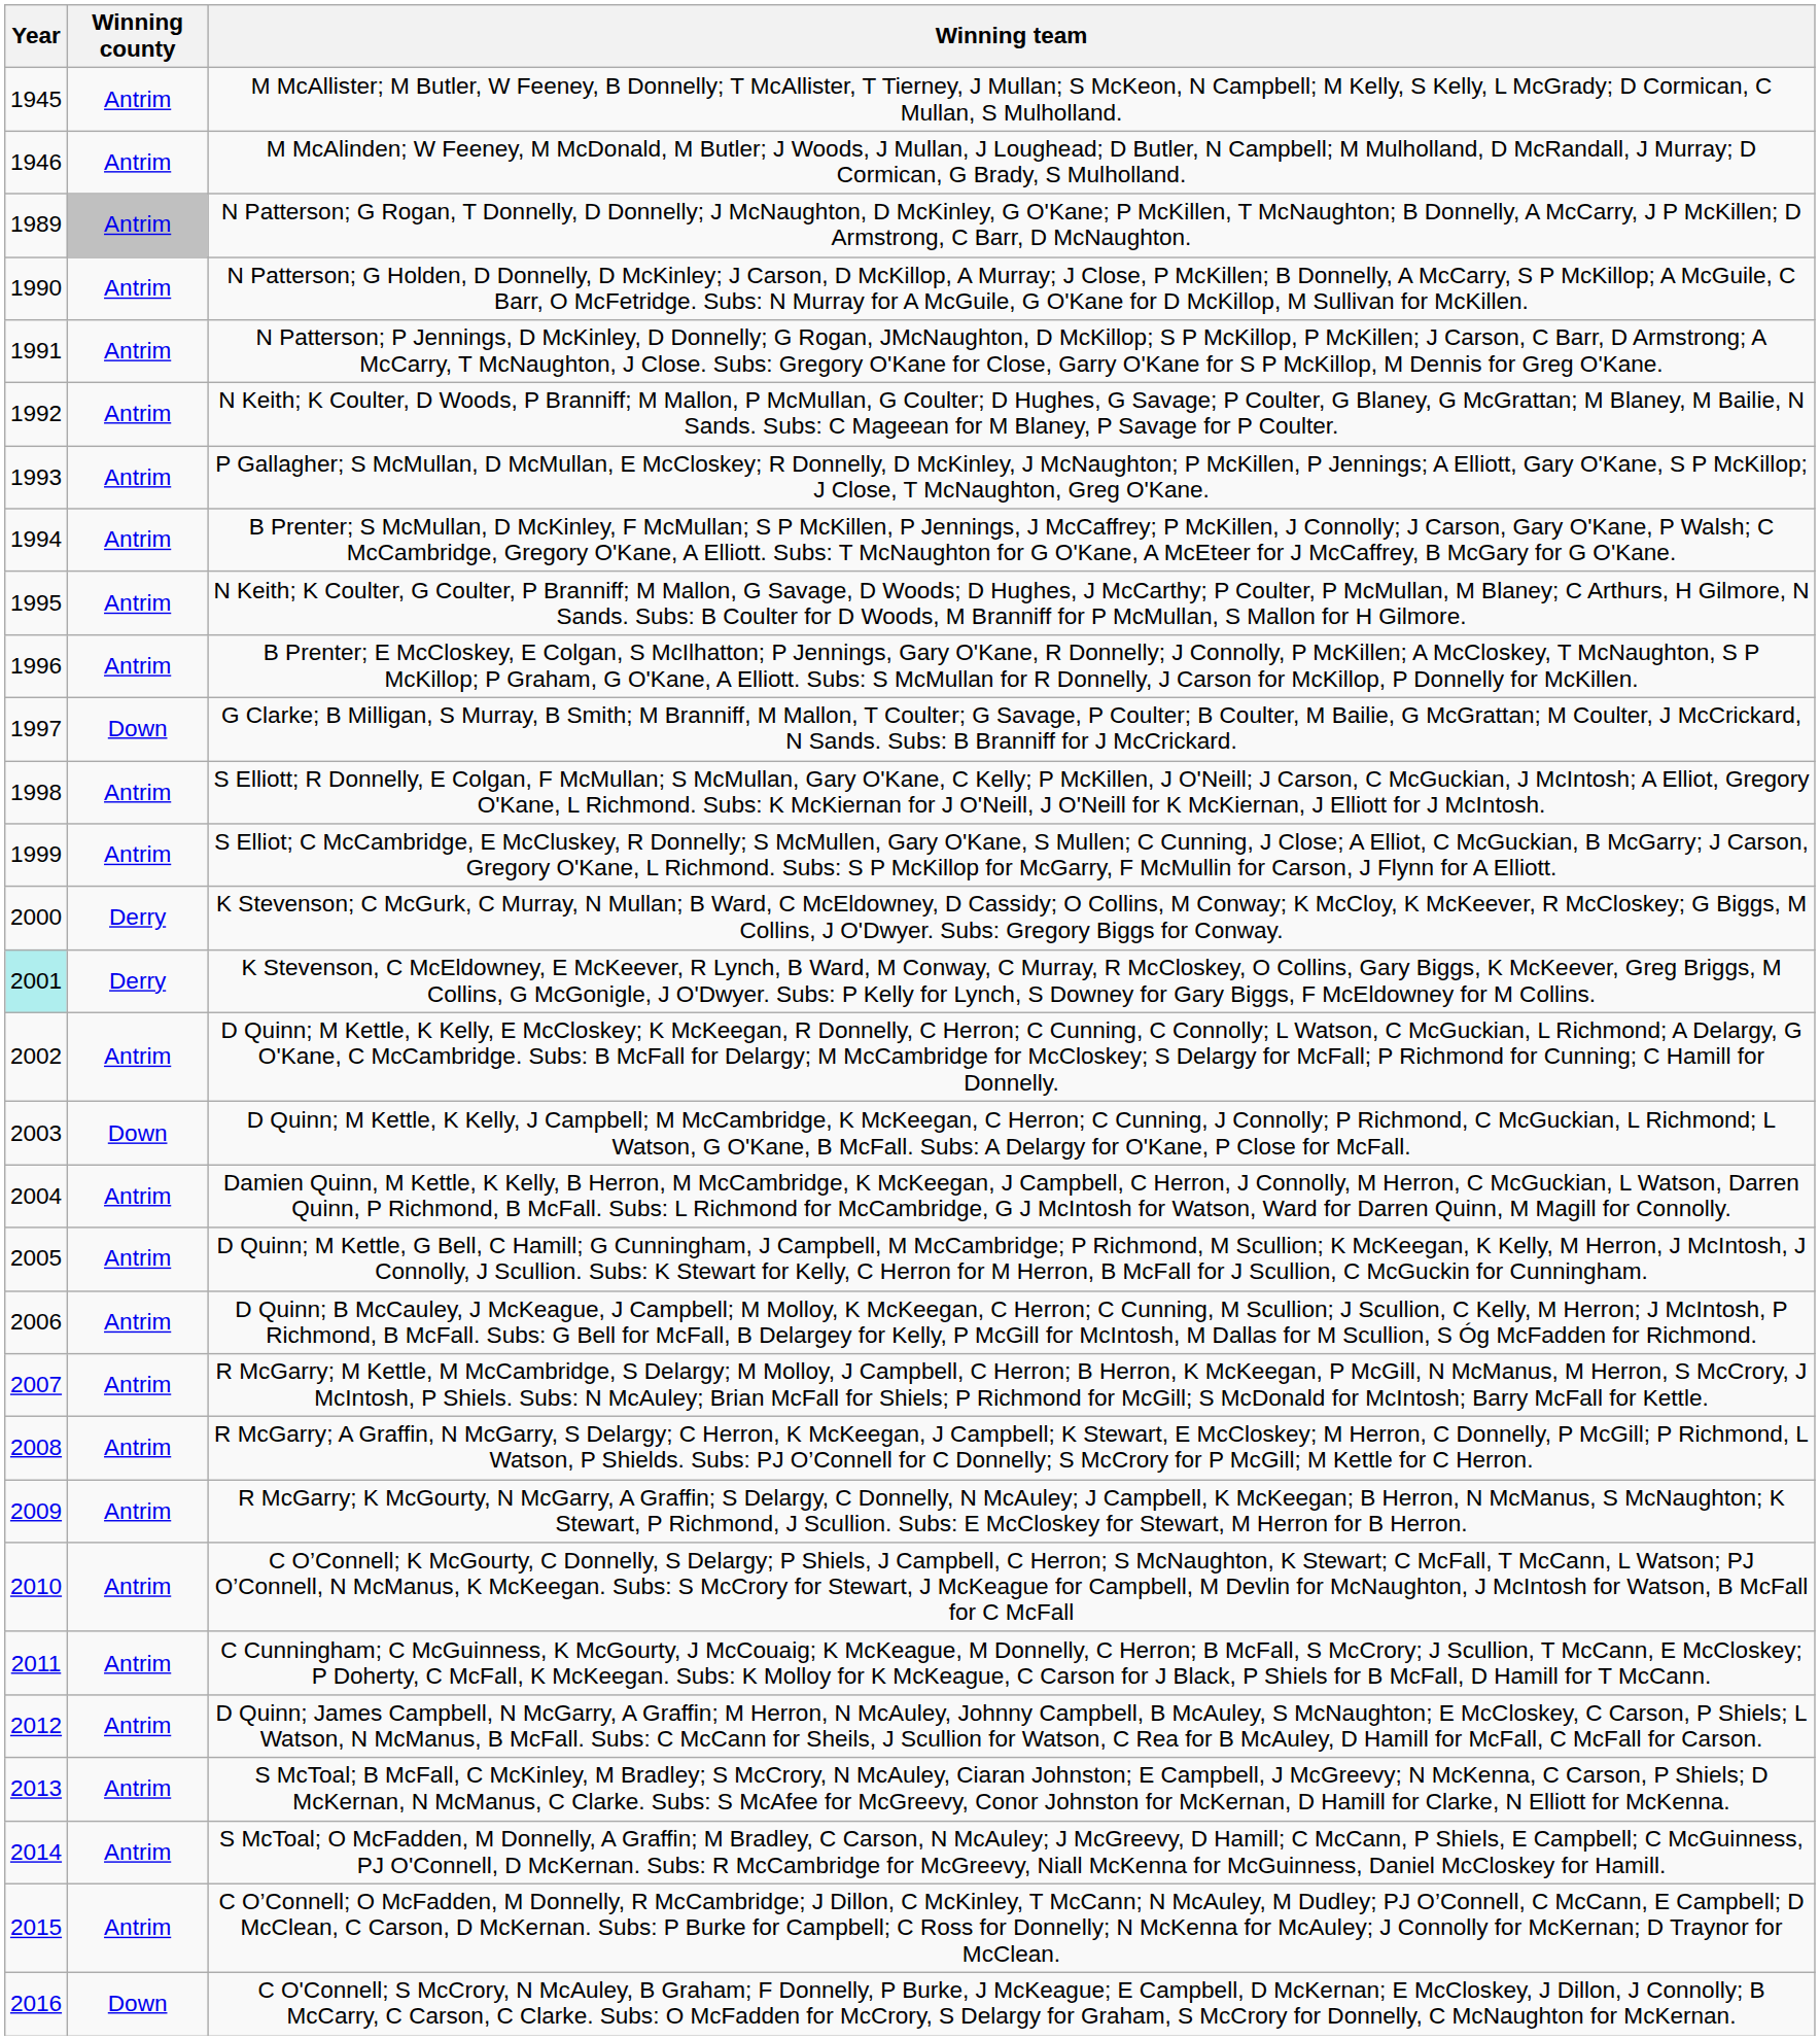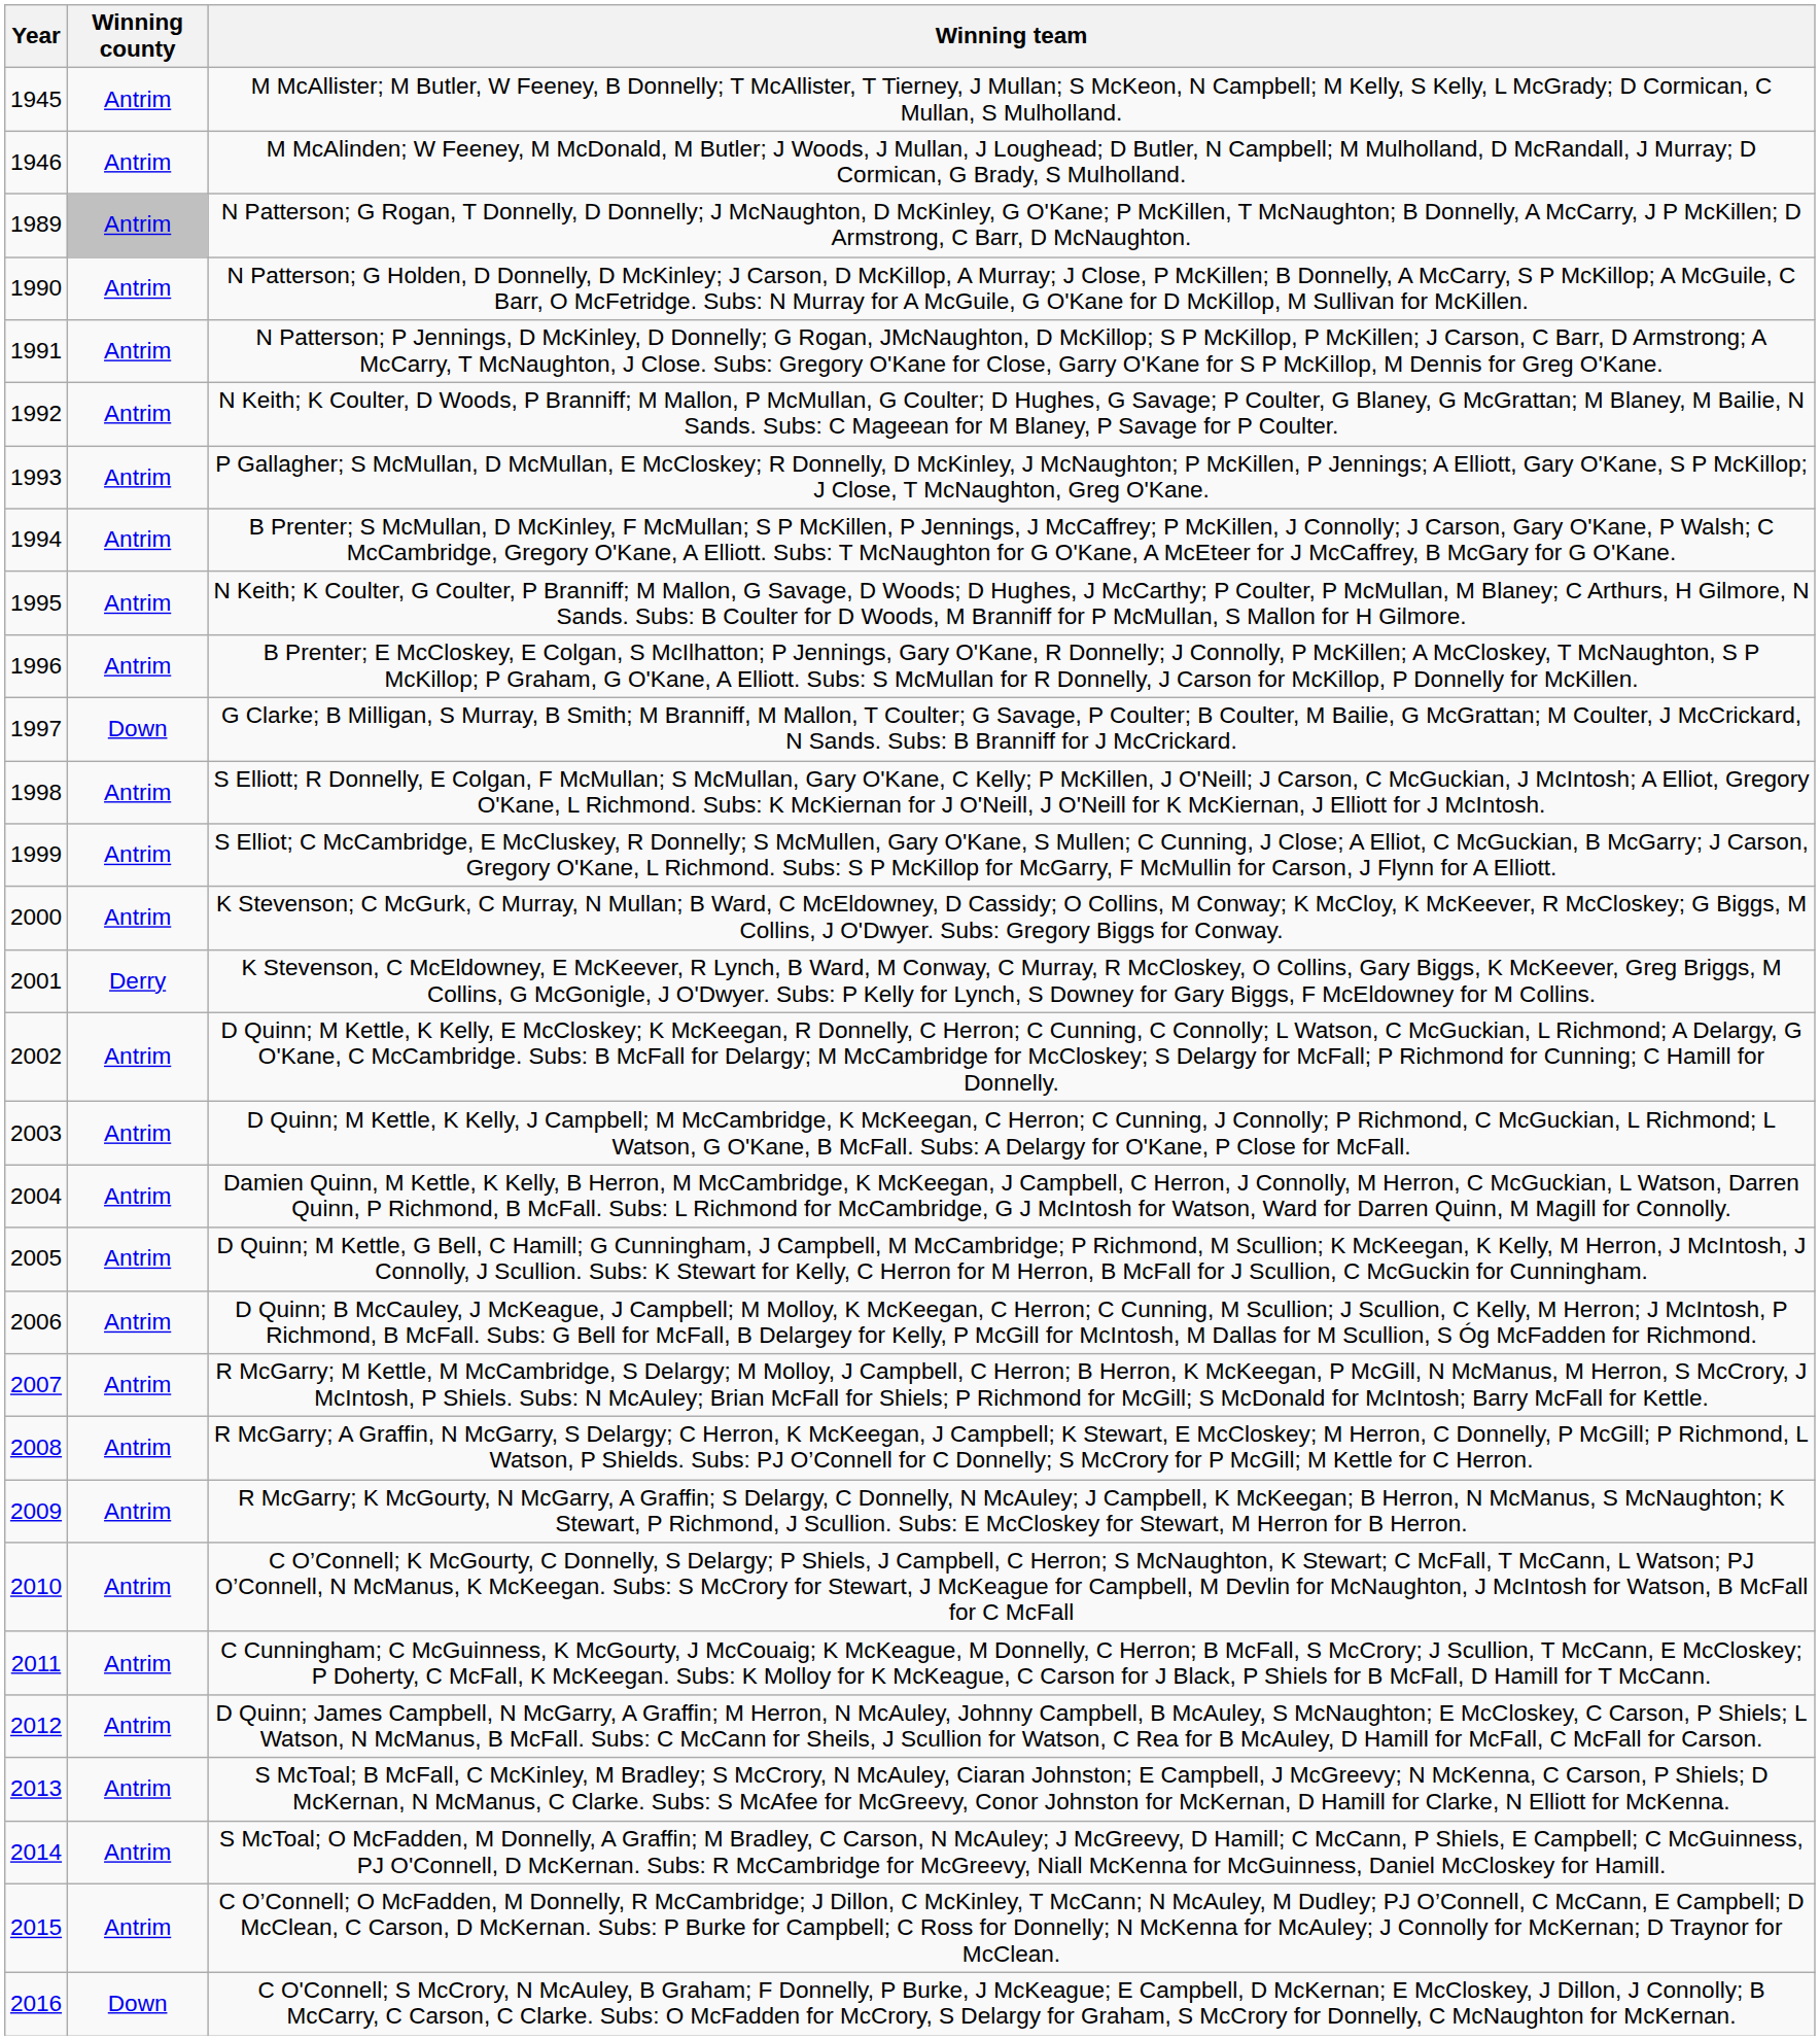 <table class="wikitable" style="text-align:center;">
 <tr>
 <th>Year</th>
 <th>Winning county</th>
 <th>Winning team</th>
 </tr>
 <tr>
 <td>1945</td>
 <td><a href='#'>Antrim</a></td>
 <td>M McAllister; M Butler, W Feeney, B Donnelly; T McAllister, T Tierney, J Mullan; S McKeon, N Campbell; M Kelly, S Kelly, L McGrady; D Cormican, C Mullan, S Mulholland.</td>
 </tr>
 <tr>
 <td>1946</td>
 <td><a href='#'>Antrim</a></td>
 <td>M McAlinden; W Feeney, M McDonald, M Butler; J Woods, J Mullan, J Loughead; D Butler, N Campbell; M Mulholland, D McRandall, J Murray; D Cormican, G Brady, S Mulholland.</td>
 </tr>
 <tr>
 <td>1989</td>
 <td style="background-color:#C0C0C0"><a href='#'>Antrim</a></td>
 <td>N Patterson; G Rogan, T Donnelly, D Donnelly; J McNaughton, D McKinley, G O'Kane; P McKillen, T McNaughton; B Donnelly, A McCarry, J P McKillen; D Armstrong, C Barr, D McNaughton.</td>
 </tr>
 <tr>
 <td>1990</td>
 <td><a href='#'>Antrim</a></td>
 <td>N Patterson; G Holden, D Donnelly, D McKinley; J Carson, D McKillop, A Murray; J Close, P McKillen; B Donnelly, A McCarry, S P McKillop; A McGuile, C Barr, O McFetridge. Subs: N Murray for A McGuile, G O'Kane for D McKillop, M Sullivan for McKillen.</td>
 </tr>
 <tr>
 <td>1991</td>
 <td><a href='#'>Antrim</a></td>
 <td>N Patterson; P Jennings, D McKinley, D Donnelly; G Rogan, JMcNaughton, D McKillop; S P McKillop, P McKillen; J Carson, C Barr, D Armstrong; A McCarry, T McNaughton, J Close. Subs: Gregory O'Kane for Close, Garry O'Kane for S P McKillop, M Dennis for Greg O'Kane.</td>
 </tr>
 <tr>
 <td>1992</td>
 <td><a href='#'>Antrim</a></td>
 <td>N Keith; K Coulter, D Woods, P Branniff; M Mallon, P McMullan, G Coulter; D Hughes, G Savage; P Coulter, G Blaney, G McGrattan; M Blaney, M Bailie, N Sands. Subs: C Mageean for M Blaney, P Savage for P Coulter.</td>
 </tr>
 <tr>
 <td>1993</td>
 <td><a href='#'>Antrim</a></td>
 <td>P Gallagher; S McMullan, D McMullan, E McCloskey; R Donnelly, D McKinley, J McNaughton; P McKillen, P Jennings; A Elliott, Gary O'Kane, S P McKillop; J Close, T McNaughton, Greg O'Kane.</td>
 </tr>
 <tr>
 <td>1994</td>
 <td><a href='#'>Antrim</a></td>
 <td>B Prenter; S McMullan, D McKinley, F McMullan; S P McKillen, P Jennings, J McCaffrey; P McKillen, J Connolly; J Carson, Gary O'Kane, P Walsh; C McCambridge, Gregory O'Kane, A Elliott. Subs: T McNaughton for G O'Kane, A McEteer for J McCaffrey, B McGary for G O'Kane.</td>
 </tr>
 <tr>
 <td>1995</td>
 <td><a href='#'>Antrim</a></td>
 <td>N Keith; K Coulter, G Coulter, P Branniff; M Mallon, G Savage, D Woods; D Hughes, J McCarthy; P Coulter, P McMullan, M Blaney; C Arthurs, H Gilmore, N Sands. Subs: B Coulter for D Woods, M Branniff for P McMullan, S Mallon for H Gilmore.</td>
 </tr>
 <tr>
 <td>1996</td>
 <td><a href='#'>Antrim</a></td>
 <td>B Prenter; E McCloskey, E Colgan, S McIlhatton; P Jennings, Gary O'Kane, R Donnelly; J Connolly, P McKillen; A McCloskey, T McNaughton, S P McKillop; P Graham, G O'Kane, A Elliott. Subs: S McMullan for R Donnelly, J Carson for McKillop, P Donnelly for McKillen.</td>
 </tr>
 <tr>
 <td>1997</td>
 <td><a href='#'>Down</a></td>
 <td>G Clarke; B Milligan, S Murray, B Smith; M Branniff, M Mallon, T Coulter; G Savage, P Coulter; B Coulter, M Bailie, G McGrattan; M Coulter, J McCrickard, N Sands. Subs: B Branniff for J McCrickard.</td>
 </tr>
 <tr>
 <td>1998</td>
 <td><a href='#'>Antrim</a></td>
 <td>S Elliott; R Donnelly, E Colgan, F McMullan; S McMullan, Gary O'Kane, C Kelly; P McKillen, J O'Neill; J Carson, C McGuckian, J McIntosh; A Elliot, Gregory O'Kane, L Richmond. Subs: K McKiernan for J O'Neill, J O'Neill for K McKiernan, J Elliott for J McIntosh.</td>
 </tr>
 <tr>
 <td>1999</td>
 <td><a href='#'>Antrim</a></td>
 <td>S Elliot; C McCambridge, E McCluskey, R Donnelly; S McMullen, Gary O'Kane, S Mullen; C Cunning, J Close; A Elliot, C McGuckian, B McGarry; J Carson, Gregory O'Kane, L Richmond. Subs: S P McKillop for McGarry, F McMullin for Carson, J Flynn for A Elliott.</td>
 </tr>
 <tr>
 <td>2000</td>
-<td><a href='#'>Derry</a></td>
+<td><a href='#'>Antrim</a></td>
 <td>K Stevenson; C McGurk, C Murray, N Mullan; B Ward, C McEldowney, D Cassidy; O Collins, M Conway; K McCloy, K McKeever, R McCloskey; G Biggs, M Collins, J O'Dwyer. Subs: Gregory Biggs for Conway.</td>
 </tr>
 <tr>
-<td style="background: paleturquoise;">2001</td>
+<td>2001</td>
 <td><a href='#'>Derry</a></td>
 <td>K Stevenson, C McEldowney, E McKeever, R Lynch, B Ward, M Conway, C Murray, R McCloskey, O Collins, Gary Biggs, K McKeever, Greg Briggs, M Collins, G McGonigle, J O'Dwyer. Subs: P Kelly for Lynch, S Downey for Gary Biggs, F McEldowney for M Collins.</td>
 </tr>
 <tr>
 <td>2002</td>
 <td><a href='#'>Antrim</a></td>
 <td>D Quinn; M Kettle, K Kelly, E McCloskey; K McKeegan, R Donnelly, C Herron; C Cunning, C Connolly; L Watson, C McGuckian, L Richmond; A Delargy, G O'Kane, C McCambridge. Subs: B McFall for Delargy; M McCambridge for McCloskey; S Delargy for McFall; P Richmond for Cunning; C Hamill for Donnelly.</td>
 </tr>
 <tr>
 <td>2003</td>
-<td><a href='#'>Down</a></td>
+<td><a href='#'>Antrim</a></td>
 <td>D Quinn; M Kettle, K Kelly, J Campbell; M McCambridge, K McKeegan, C Herron; C Cunning, J Connolly; P Richmond, C McGuckian, L Richmond; L Watson, G O'Kane, B McFall. Subs: A Delargy for O'Kane, P Close for McFall.</td>
 </tr>
 <tr>
 <td>2004</td>
 <td><a href='#'>Antrim</a></td>
 <td>Damien Quinn, M Kettle, K Kelly, B Herron, M McCambridge, K McKeegan, J Campbell, C Herron, J Connolly, M Herron, C McGuckian, L Watson, Darren Quinn, P Richmond, B McFall. Subs: L Richmond for McCambridge, G J McIntosh for Watson, Ward for Darren Quinn, M Magill for Connolly.</td>
 </tr>
 <tr>
 <td>2005</td>
 <td><a href='#'>Antrim</a></td>
 <td>D Quinn; M Kettle, G Bell, C Hamill; G Cunningham, J Campbell, M McCambridge; P Richmond, M Scullion; K McKeegan, K Kelly, M Herron, J McIntosh, J Connolly, J Scullion. Subs: K Stewart for Kelly, C Herron for M Herron, B McFall for J Scullion, C McGuckin for Cunningham.</td>
 </tr>
 <tr>
 <td>2006</td>
 <td><a href='#'>Antrim</a></td>
 <td>D Quinn; B McCauley, J McKeague, J Campbell; M Molloy, K McKeegan, C Herron; C Cunning, M Scullion; J Scullion, C Kelly, M Herron; J McIntosh, P Richmond, B McFall. Subs: G Bell for McFall, B Delargey for Kelly, P McGill for McIntosh, M Dallas for M Scullion, S Óg McFadden for Richmond.</td>
 </tr>
 <tr>
 <td><a href='#'>2007</a></td>
 <td><a href='#'>Antrim</a></td>
 <td>R McGarry; M Kettle, M McCambridge, S Delargy; M Molloy, J Campbell, C Herron; B Herron, K McKeegan, P McGill, N McManus, M Herron, S McCrory, J McIntosh, P Shiels. Subs: N McAuley; Brian McFall for Shiels; P Richmond for McGill; S McDonald for McIntosh; Barry McFall for Kettle.</td>
 </tr>
 <tr>
 <td><a href='#'>2008</a></td>
 <td><a href='#'>Antrim</a></td>
 <td>R McGarry; A Graffin, N McGarry, S Delargy; C Herron, K McKeegan, J Campbell; K Stewart, E McCloskey; M Herron, C Donnelly, P McGill; P Richmond, L Watson, P Shields. Subs: PJ O’Connell for C Donnelly; S McCrory for P McGill; M Kettle for C Herron.</td>
 </tr>
 <tr>
 <td><a href='#'>2009</a></td>
 <td><a href='#'>Antrim</a></td>
 <td>R McGarry; K McGourty, N McGarry, A Graffin; S Delargy, C Donnelly, N McAuley; J Campbell, K McKeegan; B Herron, N McManus, S McNaughton; K Stewart, P Richmond, J Scullion. Subs: E McCloskey for Stewart, M Herron for B Herron.</td>
 </tr>
 <tr>
 <td><a href='#'>2010</a></td>
 <td><a href='#'>Antrim</a></td>
 <td>C O’Connell; K McGourty, C Donnelly, S Delargy; P Shiels, J Campbell, C Herron; S McNaughton, K Stewart; C McFall, T McCann, L Watson; PJ O’Connell, N McManus, K McKeegan. Subs: S McCrory for Stewart, J McKeague for Campbell, M Devlin for McNaughton, J McIntosh for Watson, B McFall for C McFall</td>
 </tr>
 <tr>
 <td><a href='#'>2011</a></td>
 <td><a href='#'>Antrim</a></td>
 <td>C Cunningham; C McGuinness, K McGourty, J McCouaig; K McKeague, M Donnelly, C Herron; B McFall, S McCrory; J Scullion, T McCann, E McCloskey; P Doherty, C McFall, K McKeegan. Subs: K Molloy for K McKeague, C Carson for J Black, P Shiels for B McFall, D Hamill for T McCann.</td>
 </tr>
 <tr>
 <td><a href='#'>2012</a></td>
 <td><a href='#'>Antrim</a></td>
 <td>D Quinn; James Campbell, N McGarry, A Graffin; M Herron, N McAuley, Johnny Campbell, B McAuley, S McNaughton; E McCloskey, C Carson, P Shiels; L Watson, N McManus, B McFall. Subs: C McCann for Sheils, J Scullion for Watson, C Rea for B McAuley, D Hamill for McFall, C McFall for Carson.</td>
 </tr>
 <tr>
 <td><a href='#'>2013</a></td>
 <td><a href='#'>Antrim</a></td>
 <td>S McToal; B McFall, C McKinley, M Bradley; S McCrory, N McAuley, Ciaran Johnston; E Campbell, J McGreevy; N McKenna, C Carson, P Shiels; D McKernan, N McManus, C Clarke. Subs: S McAfee for McGreevy, Conor Johnston for McKernan, D Hamill for Clarke, N Elliott for McKenna.</td>
 </tr>
 <tr>
 <td><a href='#'>2014</a></td>
 <td><a href='#'>Antrim</a></td>
 <td>S McToal; O McFadden, M Donnelly, A Graffin; M Bradley, C Carson, N McAuley; J McGreevy, D Hamill; C McCann, P Shiels, E Campbell; C McGuinness, PJ O'Connell, D McKernan. Subs: R McCambridge for McGreevy, Niall McKenna for McGuinness, Daniel McCloskey for Hamill.</td>
 </tr>
 <tr>
 <td><a href='#'>2015</a></td>
 <td><a href='#'>Antrim</a></td>
 <td>C O’Connell; O McFadden, M Donnelly, R McCambridge; J Dillon, C McKinley, T McCann; N McAuley, M Dudley; PJ O’Connell, C McCann, E Campbell; D McClean, C Carson, D McKernan. Subs: P Burke for Campbell; C Ross for Donnelly; N McKenna for McAuley; J Connolly for McKernan; D Traynor for McClean.</td>
 </tr>
 <tr>
 <td><a href='#'>2016</a></td>
 <td><a href='#'>Down</a></td>
 <td>C O'Connell; S McCrory, N McAuley, B Graham; F Donnelly, P Burke, J McKeague; E Campbell, D McKernan; E McCloskey, J Dillon, J Connolly; B McCarry, C Carson, C Clarke. Subs: O McFadden for McCrory, S Delargy for Graham, S McCrory for Donnelly, C McNaughton for McKernan.</td>
 </tr>
 </table>
